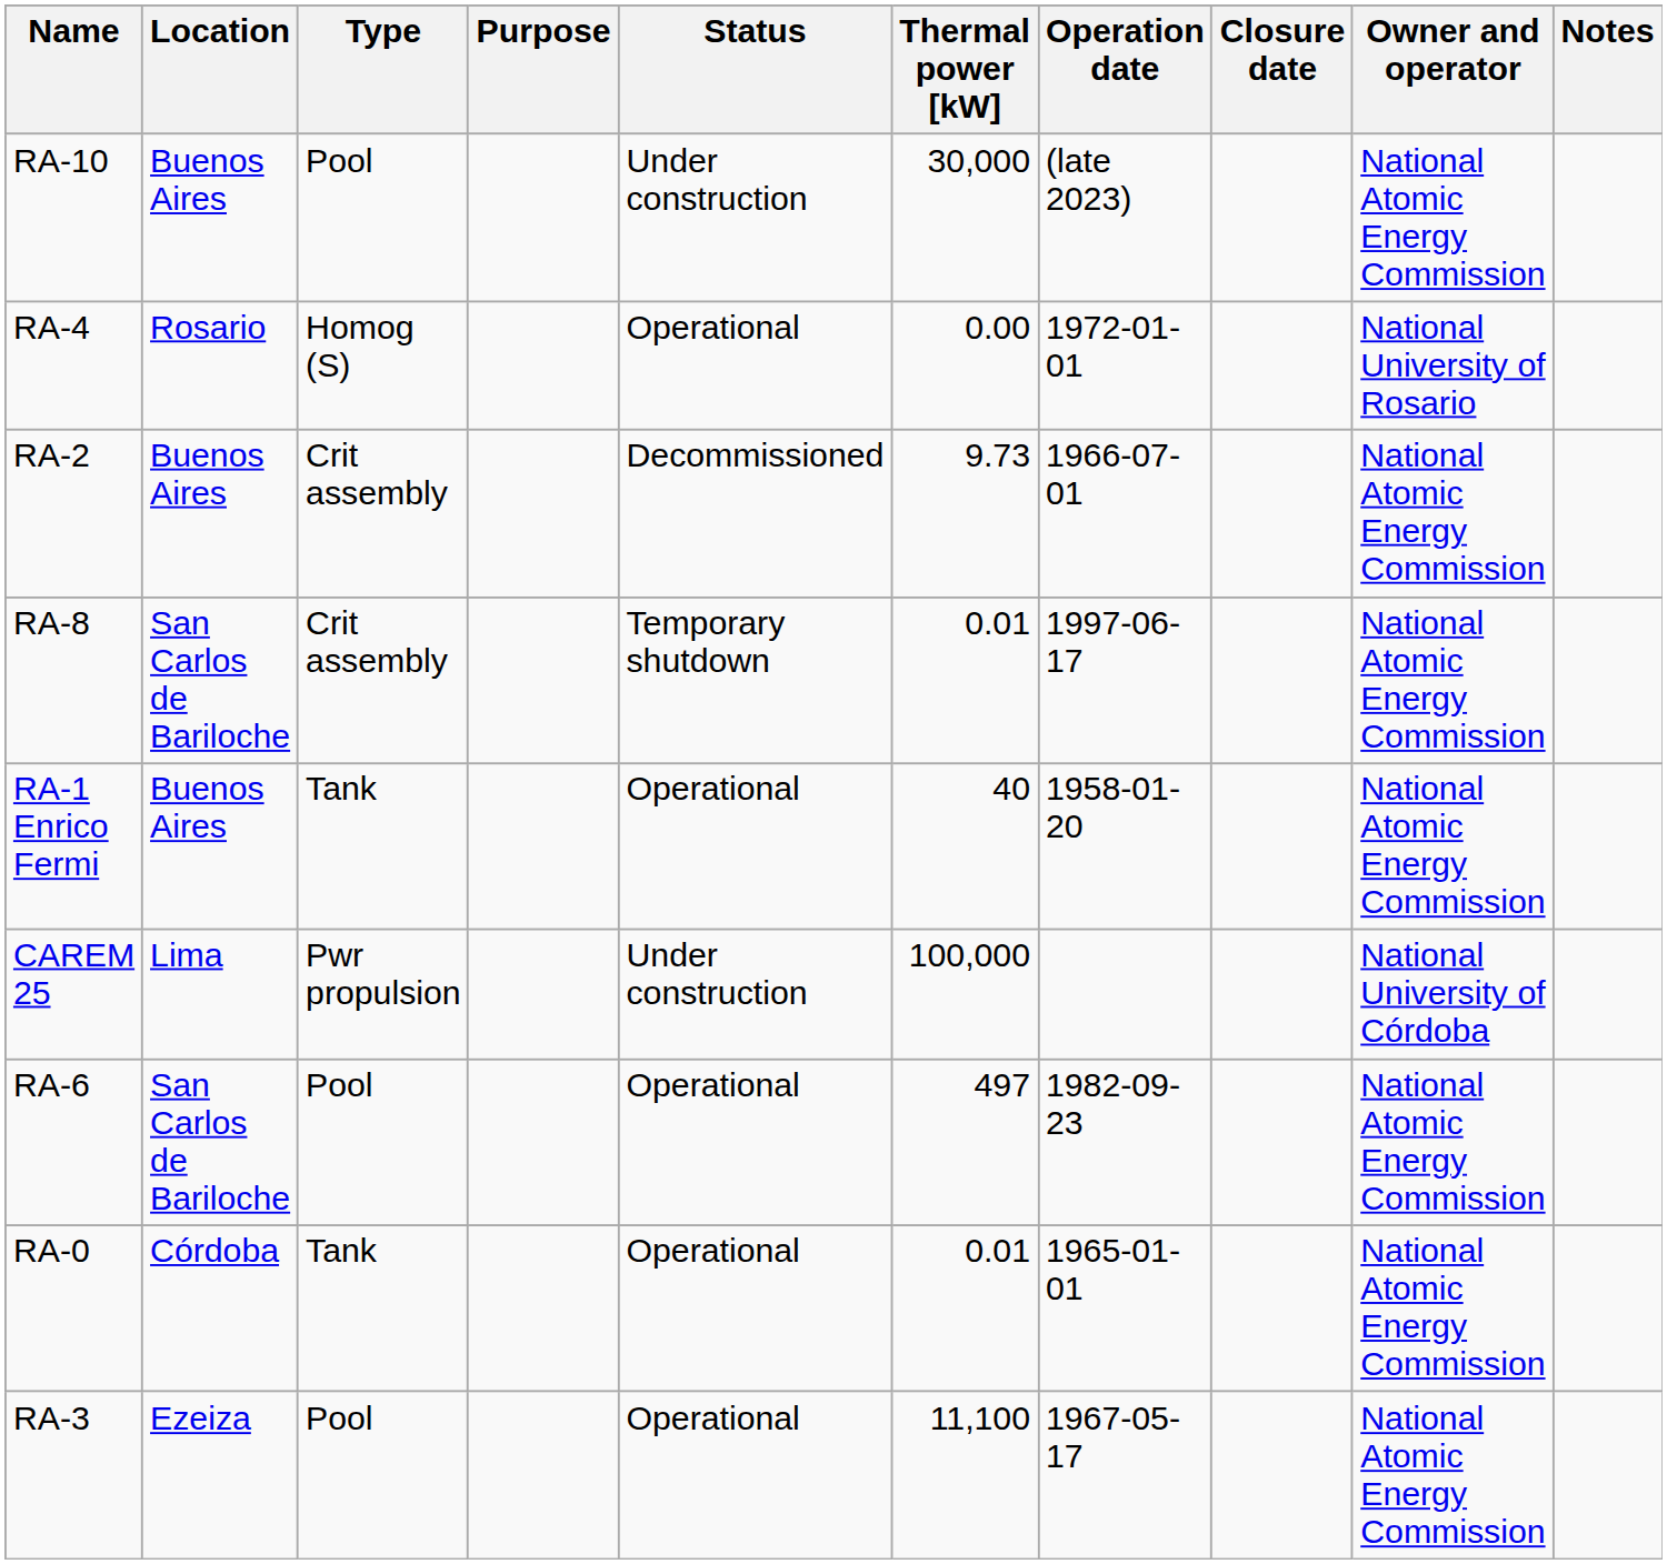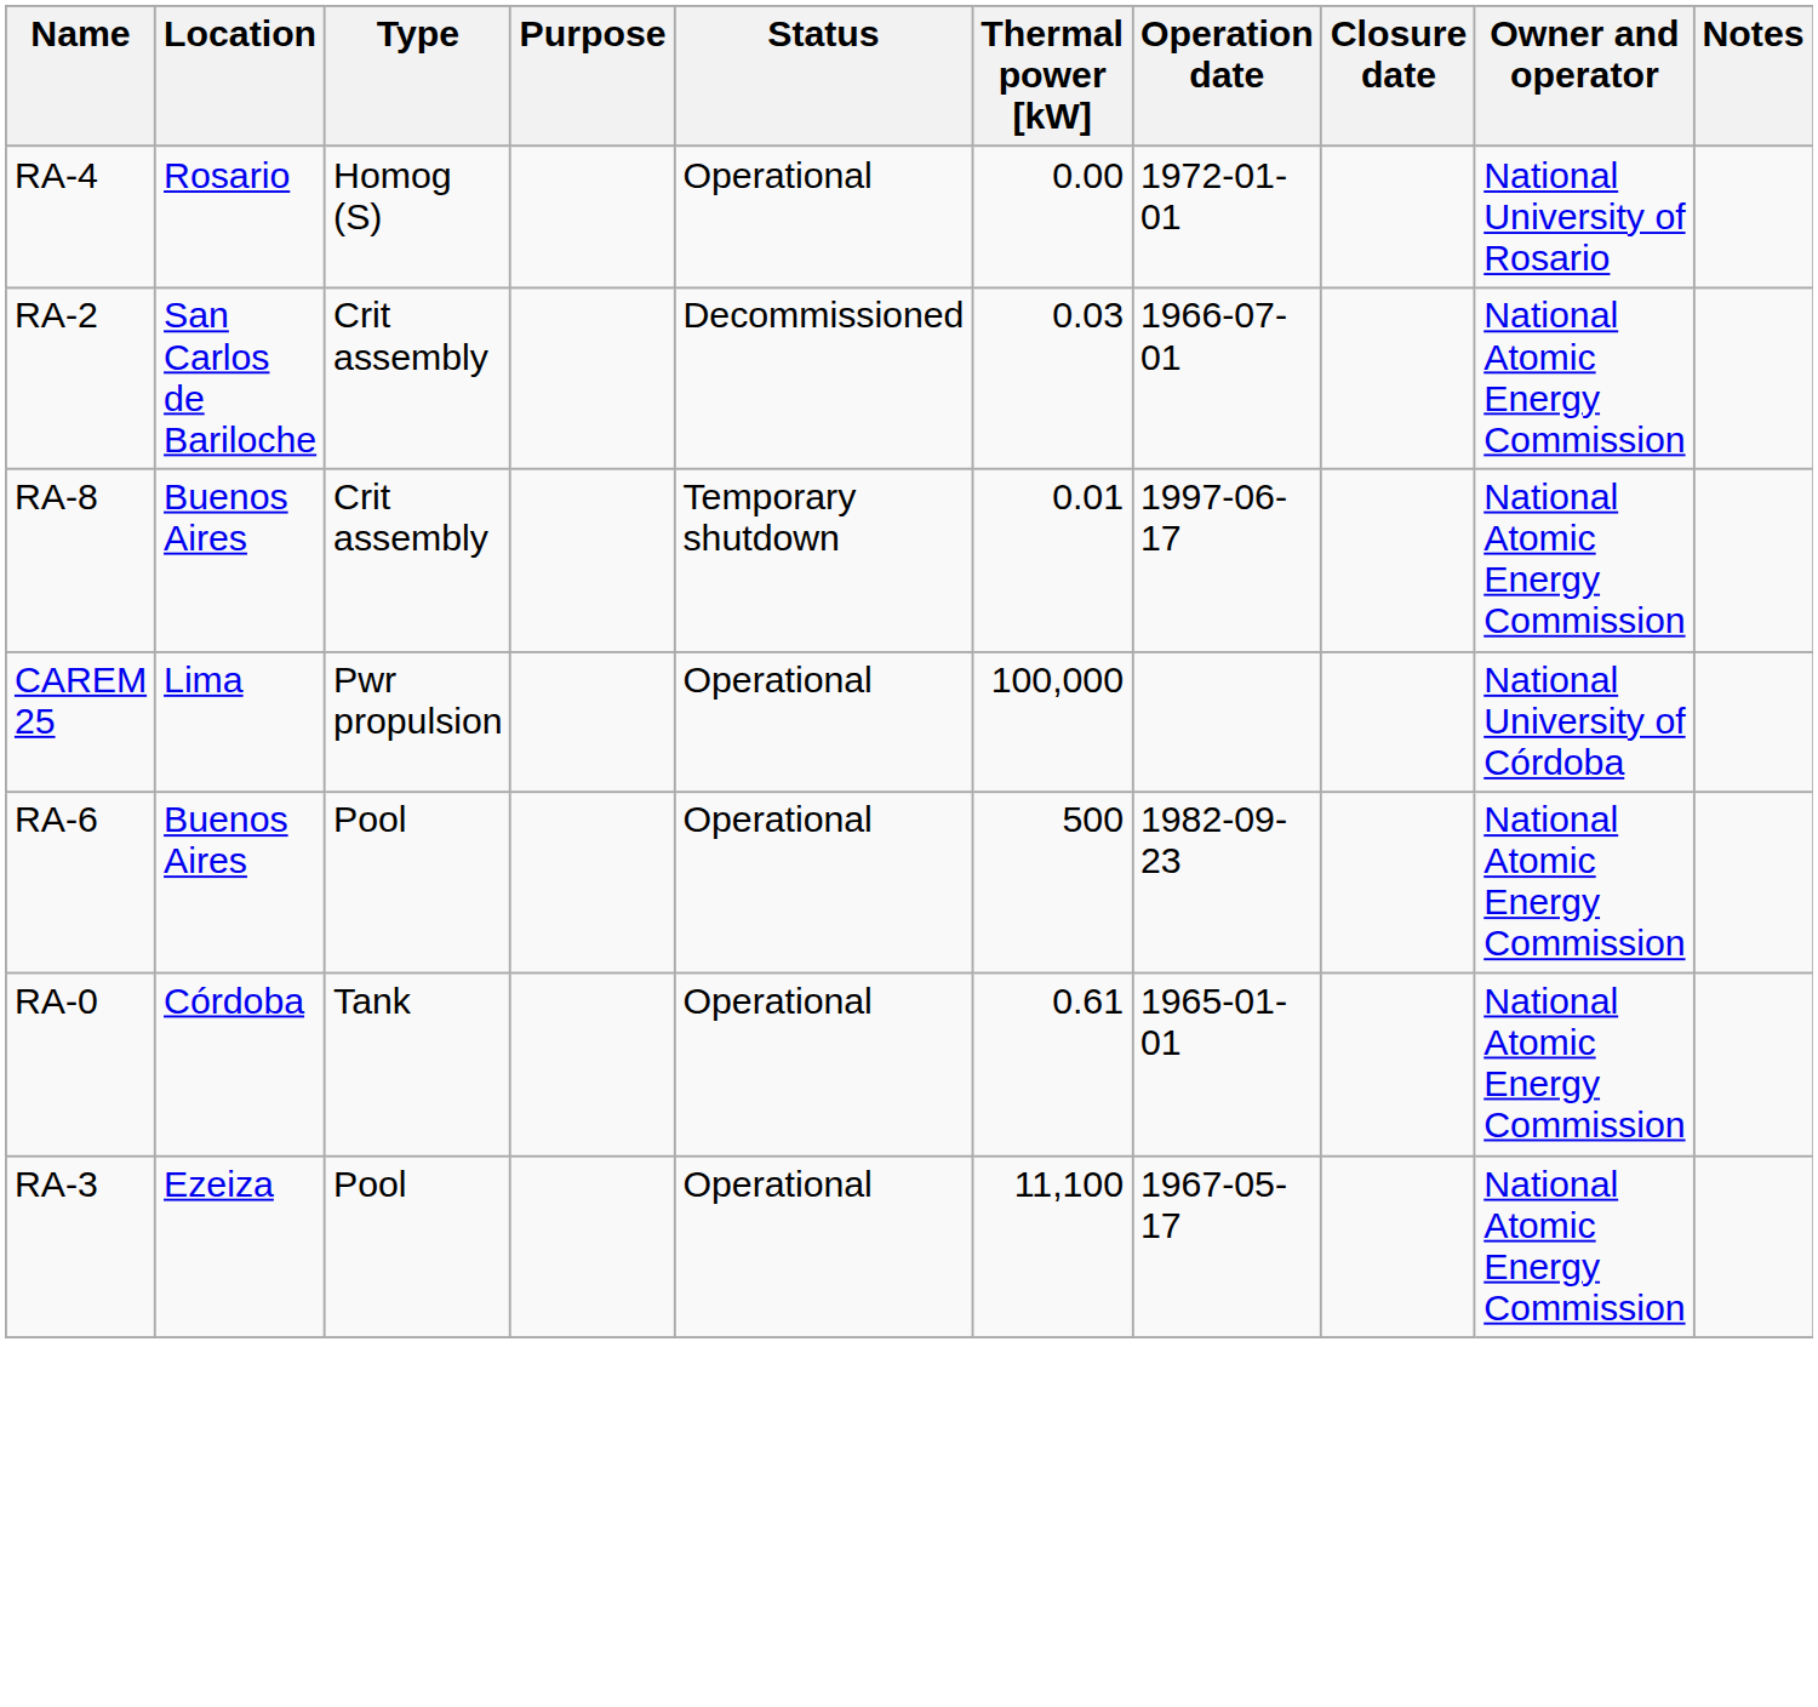 <table class="wikitable" >
 <tr valign="top">
 <th width="80">Name</th>
 <th width="65">Location</th>
 <th width="76">Type</th>
 <th width="65">Purpose</th>
 <th width="91">Status</th>
 <th width="70“">Thermal power [kW]</th>
 <th width=„67“>Operation date</th>
 <th width="78“">Closure date</th>
 <th width="113“">Owner and operator</th>
 <th width="65">Notes</th>
-</tr>
-<tr valign="top">
-<td>RA-10</td>
-<td><a href='#'>Buenos Aires</a></td>
-<td>Pool</td>
-<td></td>
-<td>Under construction</td>
-<td align="right">30,000</td>
-<td>(late 2023)</td>
-<td></td>
-<td><a href='#'>National Atomic Energy Commission</a></td>
-<td></td>
 </tr>
 <tr valign="top">
 <td>RA-4</td>
 <td><a href='#'>Rosario</a></td>
 <td>Homog (S)</td>
 <td></td>
 <td>Operational</td>
 <td align="right">0.00</td>
 <td>1972-01-01</td>
 <td></td>
 <td><a href='#'>National University of Rosario</a></td>
 <td></td>
 </tr>
 <tr valign="top">
 <td>RA-2</td>
-<td><a href='#'>Buenos Aires</a></td>
+<td><a href='#'>San Carlos de Bariloche</a></td>
 <td>Crit assembly</td>
 <td></td>
 <td>Decommissioned</td>
-<td align="right">9.73</td>
+<td align="right">0.03</td>
 <td>1966-07-01</td>
 <td></td>
 <td><a href='#'>National Atomic Energy Commission</a></td>
 <td></td>
 </tr>
 <tr valign="top">
 <td>RA-8</td>
-<td><a href='#'>San Carlos de Bariloche</a></td>
+<td><a href='#'>Buenos Aires</a></td>
 <td>Crit assembly</td>
 <td></td>
 <td>Temporary shutdown</td>
 <td align="right">0.01</td>
 <td>1997-06-17</td>
 <td></td>
 <td><a href='#'>National Atomic Energy Commission</a></td>
 <td></td>
 </tr>
 <tr valign="top">
-<td><a href='#'>RA-1 Enrico Fermi</a></td>
-<td><a href='#'>Buenos Aires</a></td>
-<td>Tank</td>
-<td></td>
-<td>Operational</td>
-<td align="right">40</td>
-<td>1958-01-20</td>
-<td></td>
-<td><a href='#'>National Atomic Energy Commission</a></td>
-<td></td>
-</tr>
-<tr valign="top">
 <td><a href='#'>CAREM 25</a></td>
 <td><a href='#'>Lima</a></td>
 <td>Pwr propulsion</td>
 <td></td>
-<td>Under construction</td>
+<td>Operational</td>
 <td align="right">100,000</td>
 <td></td>
 <td></td>
 <td><a href='#'>National University of Córdoba</a></td>
 <td></td>
 </tr>
 <tr valign="top">
 <td>RA-6</td>
-<td><a href='#'>San Carlos de Bariloche</a></td>
+<td><a href='#'>Buenos Aires</a></td>
 <td>Pool</td>
 <td></td>
 <td>Operational</td>
-<td align="right">497</td>
+<td align="right">500</td>
 <td>1982-09-23</td>
 <td></td>
 <td><a href='#'>National Atomic Energy Commission</a></td>
 <td></td>
 </tr>
 <tr valign="top">
 <td>RA-0</td>
 <td><a href='#'>Córdoba</a></td>
 <td>Tank</td>
 <td></td>
 <td>Operational</td>
-<td align="right">0.01</td>
+<td align="right">0.61</td>
 <td>1965-01-01</td>
 <td></td>
 <td><a href='#'>National Atomic Energy Commission</a></td>
 <td></td>
 </tr>
 <tr valign="top">
 <td>RA-3</td>
 <td><a href='#'>Ezeiza</a></td>
 <td>Pool</td>
 <td></td>
 <td>Operational</td>
 <td align="right">11,100</td>
 <td>1967-05-17</td>
 <td></td>
 <td><a href='#'>National Atomic Energy Commission</a></td>
 <td></td>
 </tr>
 </table>
